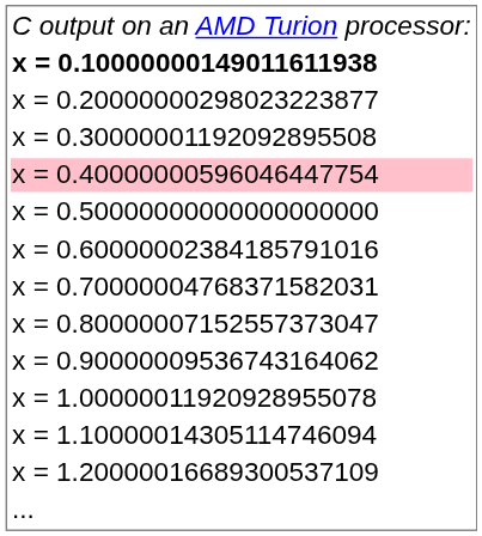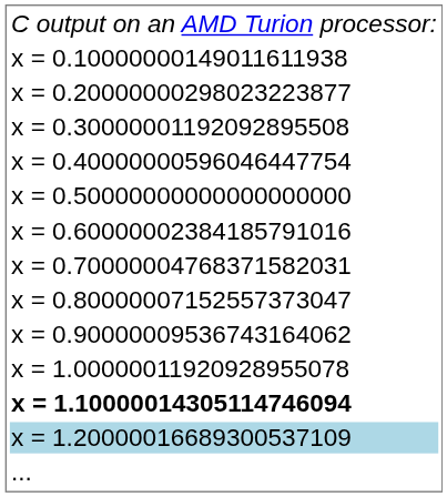 <table style="float:right; border: 1px solid grey;">
 <tr>
 <td><em>C output on an <a href='#'>AMD Turion</a> processor:</em></td>
 </tr>
 <tr>
-<td><strong>x = 0.10000000149011611938</strong></td>
+<td>x = 0.10000000149011611938</td>
 </tr>
 <tr>
 <td>x = 0.20000000298023223877</td>
 </tr>
 <tr>
 <td>x = 0.30000001192092895508</td>
 </tr>
 <tr>
-<td style="background: pink;">x = 0.40000000596046447754</td>
+<td>x = 0.40000000596046447754</td>
 </tr>
 <tr>
 <td>x = 0.50000000000000000000</td>
 </tr>
 <tr>
 <td>x = 0.60000002384185791016</td>
 </tr>
 <tr>
 <td>x = 0.70000004768371582031</td>
 </tr>
 <tr>
 <td>x = 0.80000007152557373047</td>
 </tr>
 <tr>
 <td>x = 0.90000009536743164062</td>
 </tr>
 <tr>
 <td>x = 1.00000011920928955078</td>
 </tr>
 <tr>
-<td>x = 1.10000014305114746094</td>
+<td><strong>x = 1.10000014305114746094</strong></td>
 </tr>
 <tr>
-<td>x = 1.20000016689300537109</td>
+<td style="background: lightblue;">x = 1.20000016689300537109</td>
 </tr>
 <tr>
 <td>...</td>
 </tr>
 </table>
